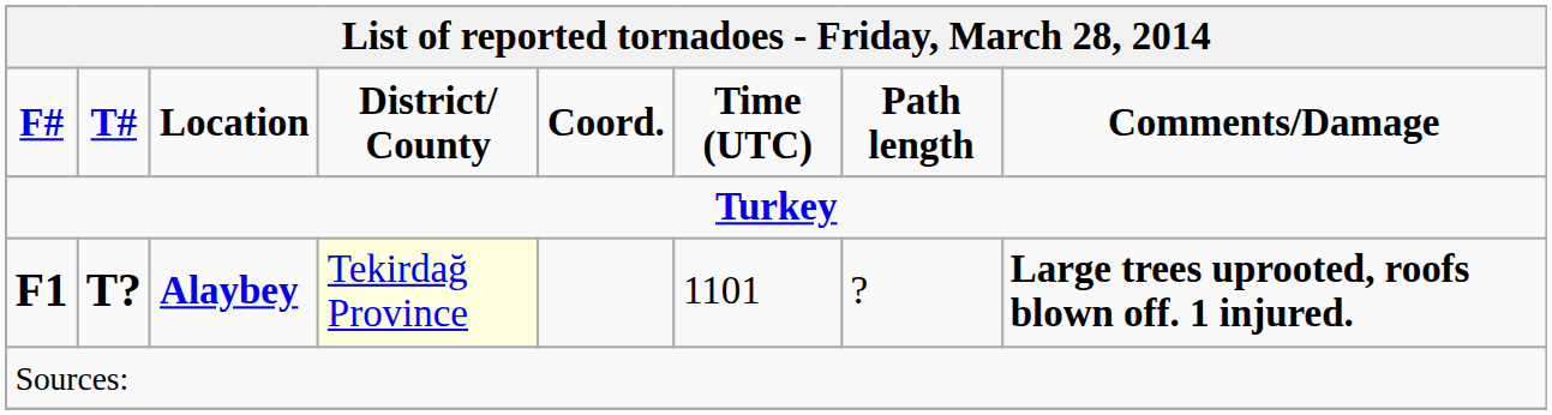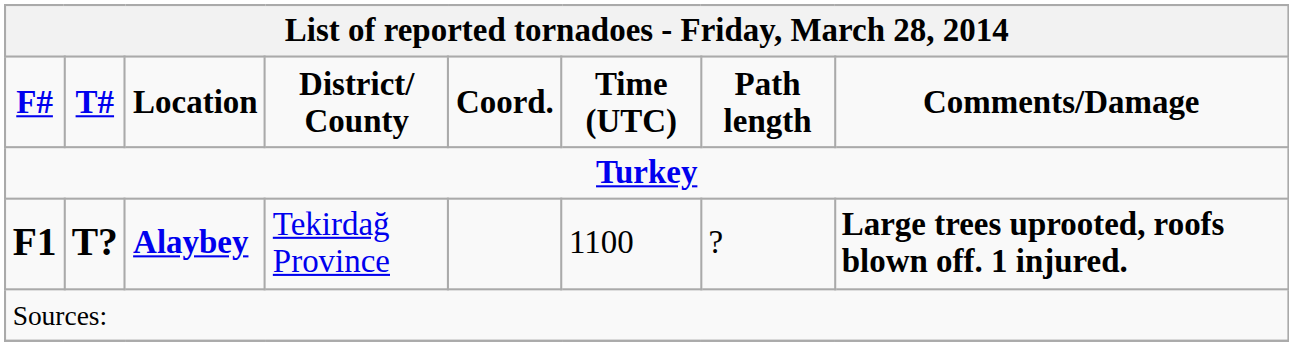 <table class="wikitable collapsible" width="100%">
 <tr>
 <th colspan="8">List of reported tornadoes - Friday, March 28, 2014</th>
 </tr>
 <tr>
 <td style="text-align: center;"><strong><a href='#'>F#</a></strong></td>
 <td style="text-align: center;"><strong><a href='#'>T#</a></strong></td>
 <td style="text-align: center;"><strong>Location</strong></td>
 <td style="text-align: center;"><strong>District/<br>County</strong></td>
 <td style="text-align: center;"><strong>Coord.</strong></td>
 <td style="text-align: center;"><strong>Time (UTC)</strong></td>
 <td style="text-align: center;"><strong>Path length</strong></td>
 <td style="text-align: center;"><strong>Comments/Damage</strong></td>
 </tr>
 <tr>
 <td colspan="8" align=center><strong><a href='#'>Turkey</a></strong></td>
 </tr>
 <tr>
 <td><big><strong>F1</strong></big></td>
 <td><big><strong>T?</strong></big></td>
 <td><strong><a href='#'>Alaybey</a></strong></td>
-<td style="background: lightyellow;"><a href='#'>Tekirdağ Province</a></td>
+<td><a href='#'>Tekirdağ Province</a></td>
 <td></td>
-<td>1101</td>
+<td>1100</td>
 <td>?</td>
 <td><strong>Large trees uprooted, roofs blown off. 1 injured.</strong></td>
 </tr>
 <tr>
 <td colspan="8"><small>Sources:</small></td>
 </tr>
 <tr>
 </tr>
 </table>
